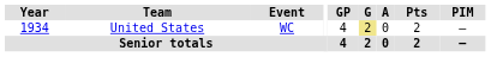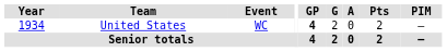 <table border="0" cellpadding="1" cellspacing="0" ID="Table3" style="text-align:center; width:40em">
 <tr bgcolor="#e0e0e0">
 <th>Year</th>
 <th>Team</th>
 <th>Event</th>
 <th rowspan="102" bgcolor="#ffffff"></th>
 <th>GP</th>
 <th>G</th>
 <th>A</th>
 <th>Pts</th>
 <th>PIM</th>
 </tr>
 <tr>
 <td><a href='#'>1934</a></td>
 <td><a href='#'>United States</a></td>
 <td><a href='#'>WC</a></td>
-<td>4</td>
-<td style="background: khaki;">2</td>
+<td><strong>4</strong></td>
+<td>2</td>
 <td>0</td>
 <td>2</td>
 <td>—</td>
 </tr>
 <tr bgcolor="#e0e0e0">
 <th colspan="4">Senior totals</th>
 <th>4</th>
 <th>2</th>
 <th>0</th>
 <th>2</th>
 <th>—</th>
 </tr>
 </table>
